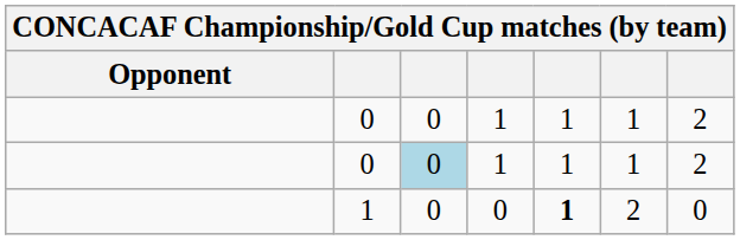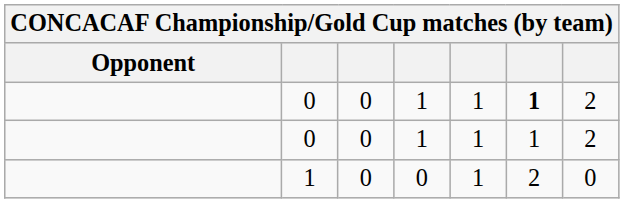 <table class="wikitable sortable" style="text-align: center;">
 <tr>
 <th colspan=7>CONCACAF Championship/Gold Cup matches (by team)</th>
 </tr>
 <tr>
 <th>Opponent</th>
 <th></th>
 <th></th>
 <th></th>
 <th></th>
 <th></th>
 <th></th>
 </tr>
 <tr>
 <td align="left"></td>
 <td>0</td>
 <td>0</td>
 <td>1</td>
 <td>1</td>
-<td>1</td>
+<td><strong>1</strong></td>
 <td>2</td>
 </tr>
 <tr>
 <td align="left"></td>
 <td>0</td>
-<td style="background: lightblue;">0</td>
+<td>0</td>
 <td>1</td>
 <td>1</td>
 <td>1</td>
 <td>2</td>
 </tr>
 <tr>
 <td align="left"></td>
 <td>1</td>
 <td>0</td>
 <td>0</td>
-<td><strong>1</strong></td>
+<td>1</td>
 <td>2</td>
 <td>0</td>
 </tr>
 </table>
